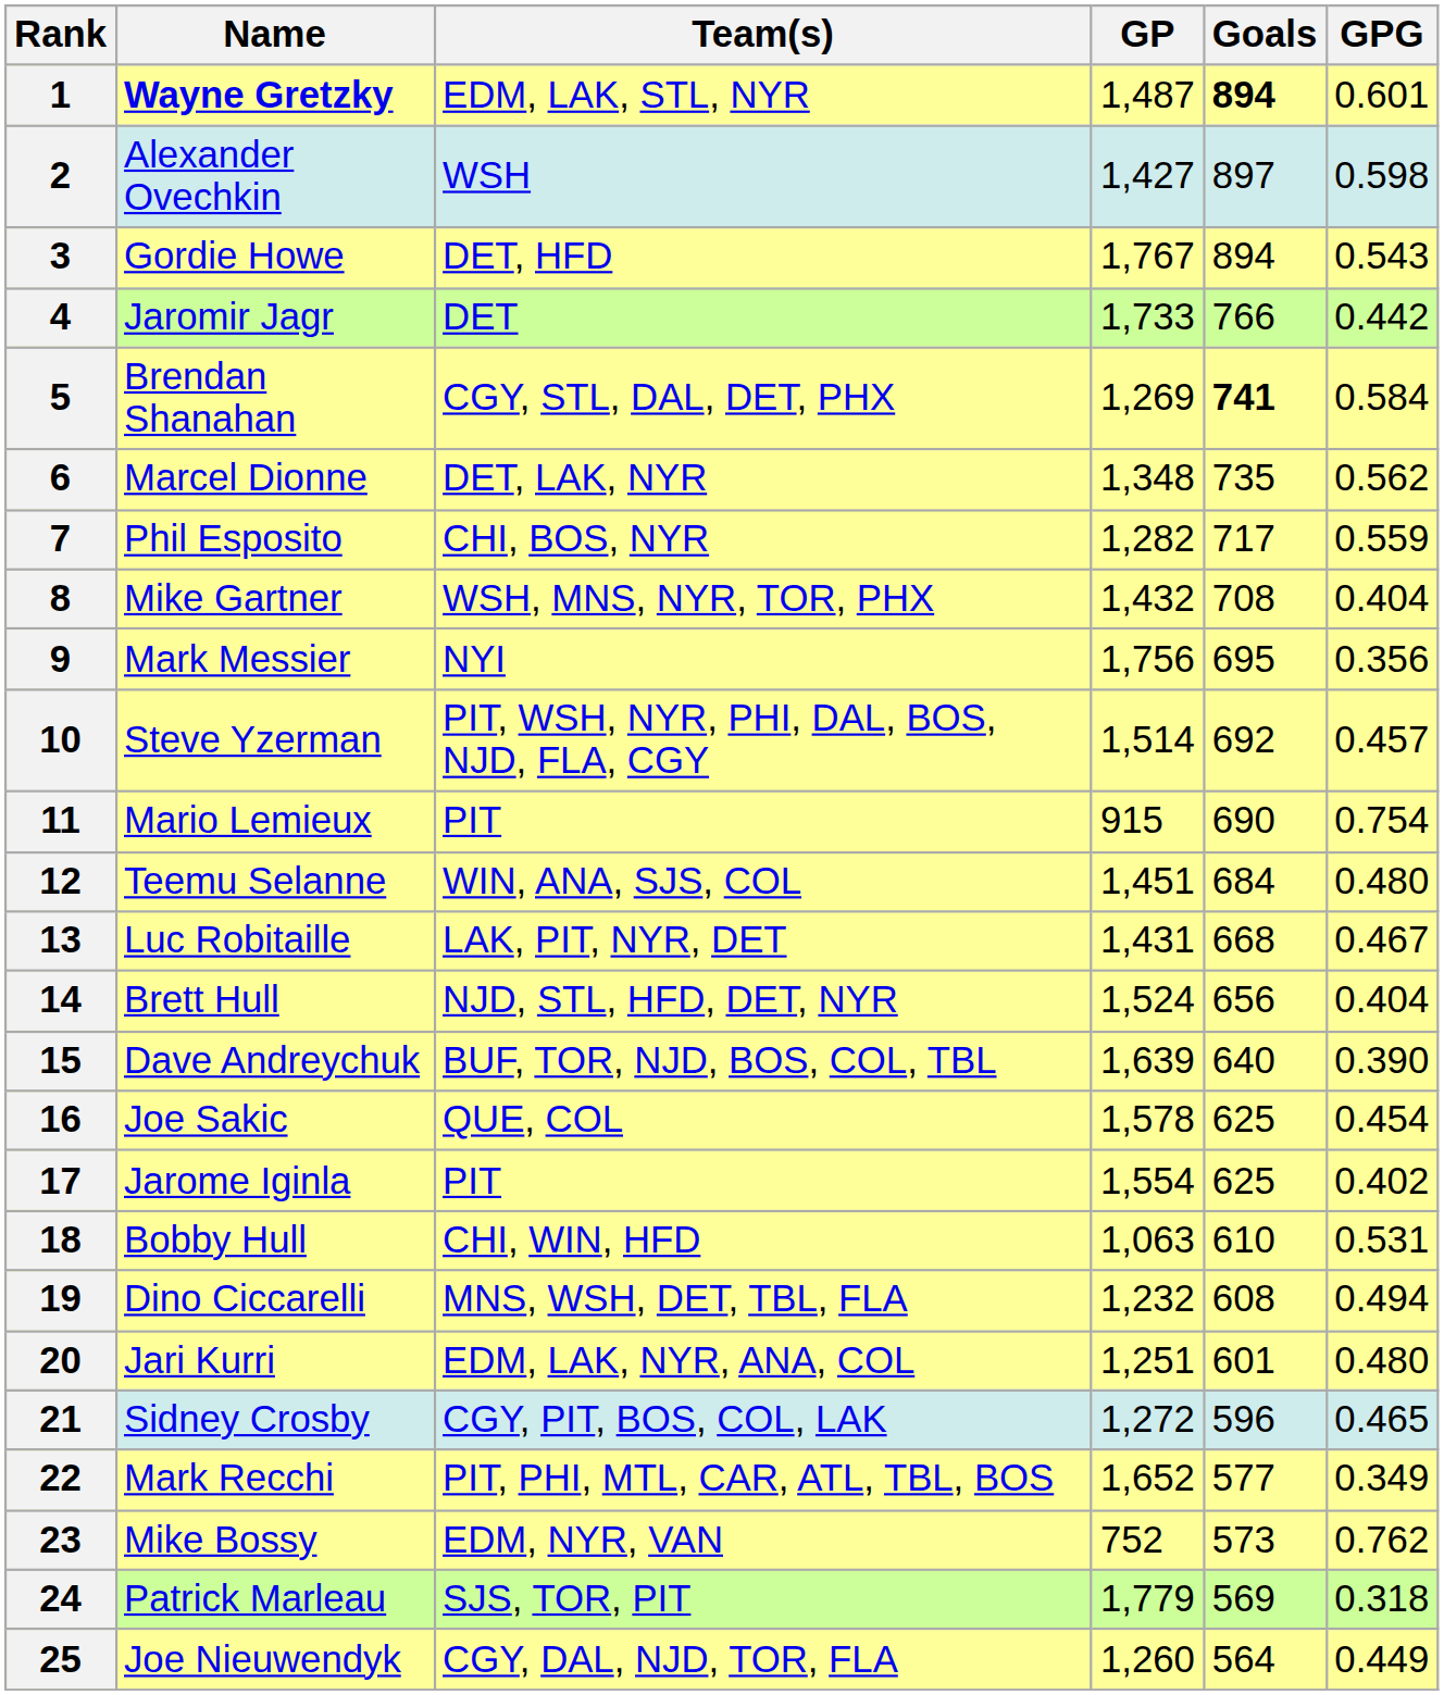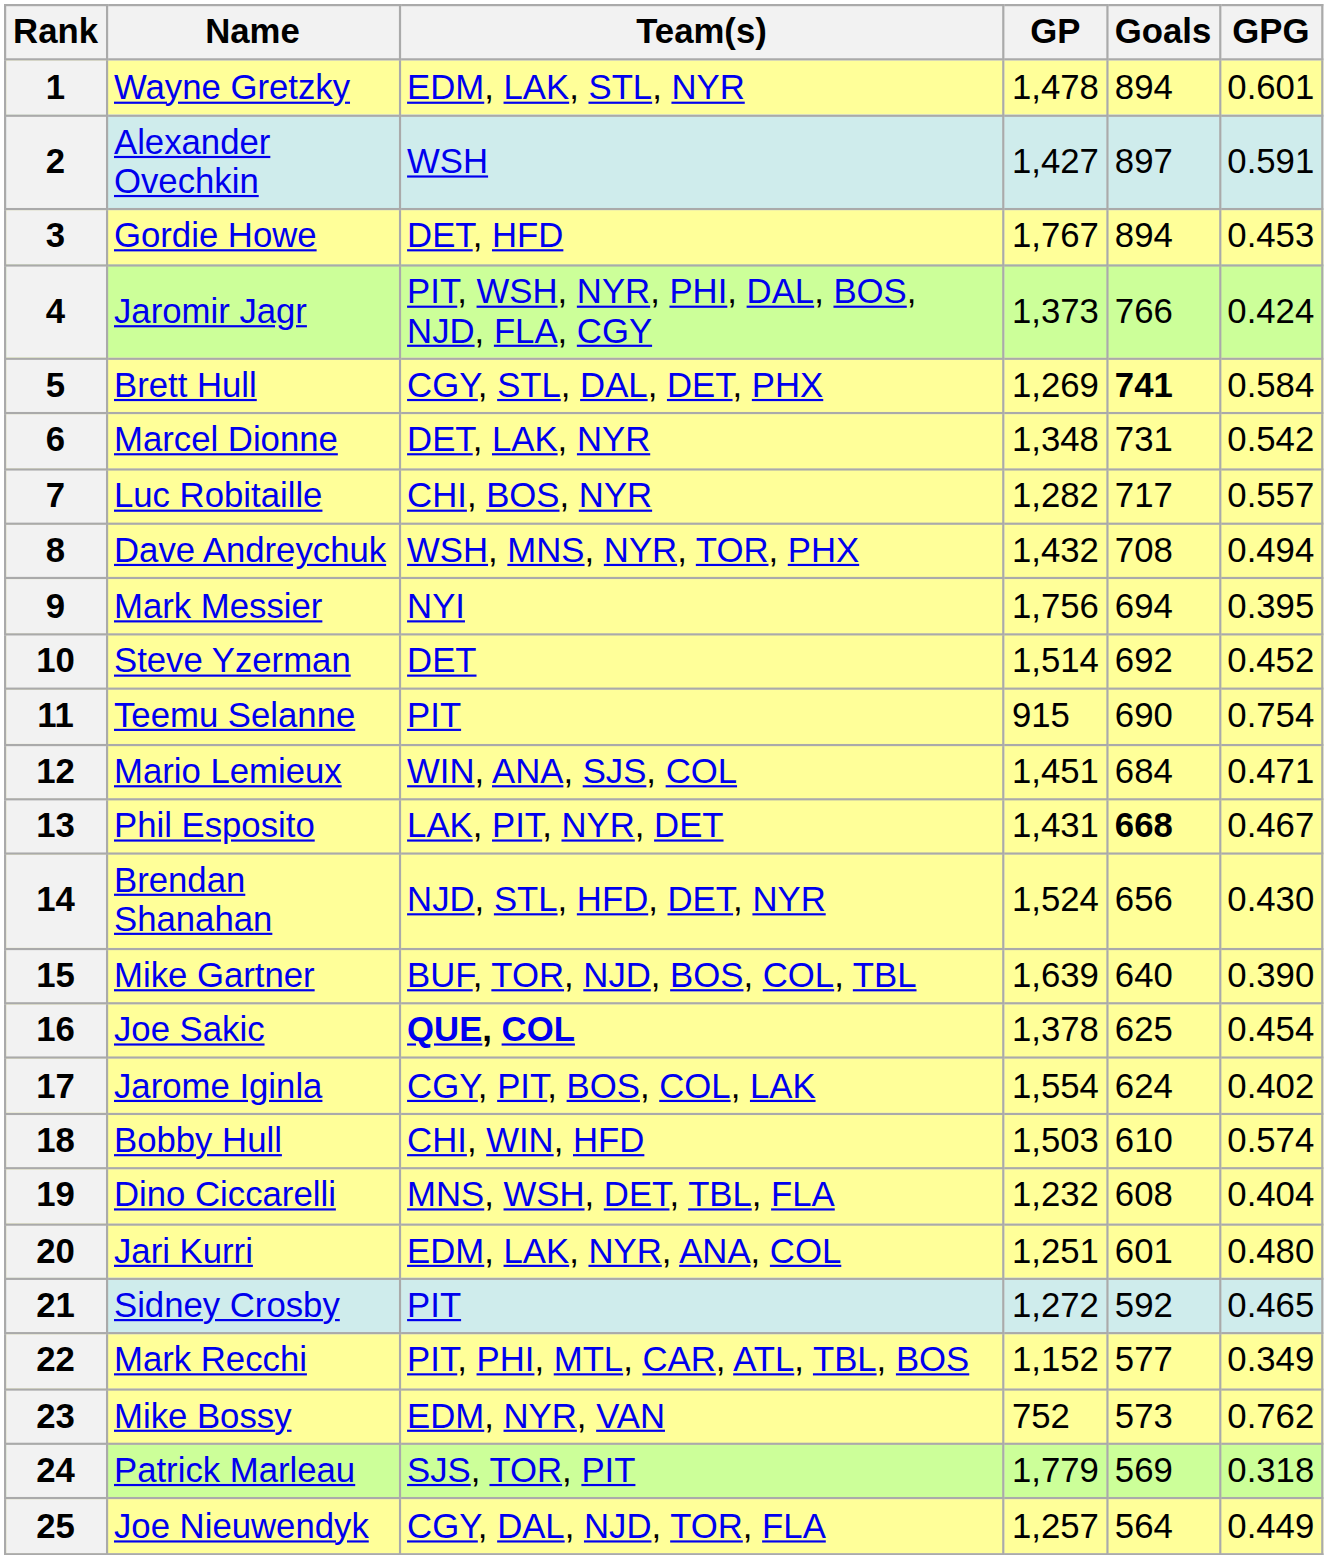 <table class="wikitable sortable" id="Table3">
 <tr style="background:#e0e0e0; text-align:center;">
 <th>Rank</th>
 <th class="unsortable">Name</th>
 <th class="unsortable">Team(s)</th>
 <th>GP</th>
 <th>Goals</th>
 <th>GPG</th>
 </tr>
 <tr style="background:#ffff99;">
 <th>1</th>
-<td><strong><a href='#'>Wayne Gretzky</a></strong></td>
+<td><a href='#'>Wayne Gretzky</a></td>
 <td><a href='#'>EDM</a>, <a href='#'>LAK</a>, <a href='#'>STL</a>, <a href='#'>NYR</a></td>
-<td>1,487</td>
-<td><strong>894</strong></td>
+<td>1,478</td>
+<td>894</td>
 <td>0.601</td>
 </tr>
 <tr style="background:#CFECEC;">
 <th>2</th>
 <td><a href='#'>Alexander Ovechkin</a></td>
 <td><a href='#'>WSH</a></td>
 <td>1,427</td>
 <td>897</td>
-<td>0.598</td>
+<td>0.591</td>
 </tr>
 <tr style="background:#ffff99;">
 <th>3</th>
 <td><a href='#'>Gordie Howe</a></td>
 <td><a href='#'>DET</a>, <a href='#'>HFD</a></td>
 <td>1,767</td>
 <td>894</td>
-<td>0.543</td>
+<td>0.453</td>
 </tr>
 <tr style="background:#CCFF99;">
 <th>4</th>
 <td><a href='#'>Jaromir Jagr</a></td>
-<td><a href='#'>DET</a></td>
-<td>1,733</td>
+<td><a href='#'>PIT</a>, <a href='#'>WSH</a>, <a href='#'>NYR</a>, <a href='#'>PHI</a>, <a href='#'>DAL</a>, <a href='#'>BOS</a>, <a href='#'>NJD</a>, <a href='#'>FLA</a>, <a href='#'>CGY</a></td>
+<td>1,373</td>
 <td>766</td>
-<td>0.442</td>
+<td>0.424</td>
 </tr>
 <tr style="background:#ffff99;">
 <th>5</th>
-<td><a href='#'>Brendan Shanahan</a></td>
+<td><a href='#'>Brett Hull</a></td>
 <td><a href='#'>CGY</a>, <a href='#'>STL</a>, <a href='#'>DAL</a>, <a href='#'>DET</a>, <a href='#'>PHX</a></td>
 <td>1,269</td>
 <td><strong>741</strong></td>
 <td>0.584</td>
 </tr>
 <tr style="background:#ffff99;">
 <th>6</th>
 <td><a href='#'>Marcel Dionne</a></td>
 <td><a href='#'>DET</a>, <a href='#'>LAK</a>, <a href='#'>NYR</a></td>
 <td>1,348</td>
-<td>735</td>
-<td>0.562</td>
+<td>731</td>
+<td>0.542</td>
 </tr>
 <tr style="background:#ffff99;">
 <th>7</th>
-<td><a href='#'>Phil Esposito</a></td>
+<td><a href='#'>Luc Robitaille</a></td>
 <td><a href='#'>CHI</a>, <a href='#'>BOS</a>, <a href='#'>NYR</a></td>
 <td>1,282</td>
 <td>717</td>
-<td>0.559</td>
+<td>0.557</td>
 </tr>
 <tr style="background:#ffff99;">
 <th>8</th>
-<td><a href='#'>Mike Gartner</a></td>
+<td><a href='#'>Dave Andreychuk</a></td>
 <td><a href='#'>WSH</a>, <a href='#'>MNS</a>, <a href='#'>NYR</a>, <a href='#'>TOR</a>, <a href='#'>PHX</a></td>
 <td>1,432</td>
 <td>708</td>
-<td>0.404</td>
+<td>0.494</td>
 </tr>
 <tr style="background:#ffff99;">
 <th>9</th>
 <td><a href='#'>Mark Messier</a></td>
 <td><a href='#'>NYI</a></td>
 <td>1,756</td>
-<td>695</td>
-<td>0.356</td>
+<td>694</td>
+<td>0.395</td>
 </tr>
 <tr style="background:#ffff99;">
 <th>10</th>
 <td><a href='#'>Steve Yzerman</a></td>
-<td><a href='#'>PIT</a>, <a href='#'>WSH</a>, <a href='#'>NYR</a>, <a href='#'>PHI</a>, <a href='#'>DAL</a>, <a href='#'>BOS</a>, <a href='#'>NJD</a>, <a href='#'>FLA</a>, <a href='#'>CGY</a></td>
+<td><a href='#'>DET</a></td>
 <td>1,514</td>
 <td>692</td>
-<td>0.457</td>
+<td>0.452</td>
 </tr>
 <tr style="background:#ffff99;">
 <th>11</th>
-<td><a href='#'>Mario Lemieux</a></td>
+<td><a href='#'>Teemu Selanne</a></td>
 <td><a href='#'>PIT</a></td>
 <td>915</td>
 <td>690</td>
 <td>0.754</td>
 </tr>
 <tr style="background:#ffff99;">
 <th>12</th>
-<td><a href='#'>Teemu Selanne</a></td>
+<td><a href='#'>Mario Lemieux</a></td>
 <td><a href='#'>WIN</a>, <a href='#'>ANA</a>, <a href='#'>SJS</a>, <a href='#'>COL</a></td>
 <td>1,451</td>
 <td>684</td>
-<td>0.480</td>
+<td>0.471</td>
 </tr>
 <tr style="background:#ffff99;">
 <th>13</th>
-<td><a href='#'>Luc Robitaille</a></td>
+<td><a href='#'>Phil Esposito</a></td>
 <td><a href='#'>LAK</a>, <a href='#'>PIT</a>, <a href='#'>NYR</a>, <a href='#'>DET</a></td>
 <td>1,431</td>
-<td>668</td>
+<td><strong>668</strong></td>
 <td>0.467</td>
 </tr>
 <tr style="background:#ffff99;">
 <th>14</th>
-<td><a href='#'>Brett Hull</a></td>
+<td><a href='#'>Brendan Shanahan</a></td>
 <td><a href='#'>NJD</a>, <a href='#'>STL</a>, <a href='#'>HFD</a>, <a href='#'>DET</a>, <a href='#'>NYR</a></td>
 <td>1,524</td>
 <td>656</td>
-<td>0.404</td>
+<td>0.430</td>
 </tr>
 <tr style="background:#ffff99;">
 <th>15</th>
-<td><a href='#'>Dave Andreychuk</a></td>
+<td><a href='#'>Mike Gartner</a></td>
 <td><a href='#'>BUF</a>, <a href='#'>TOR</a>, <a href='#'>NJD</a>, <a href='#'>BOS</a>, <a href='#'>COL</a>, <a href='#'>TBL</a></td>
 <td>1,639</td>
 <td>640</td>
 <td>0.390</td>
 </tr>
 <tr style="background:#ffff99;">
 <th>16</th>
 <td><a href='#'>Joe Sakic</a></td>
-<td><a href='#'>QUE</a>, <a href='#'>COL</a></td>
-<td>1,578</td>
+<td><strong><a href='#'>QUE</a>, <a href='#'>COL</a></strong></td>
+<td>1,378</td>
 <td>625</td>
 <td>0.454</td>
 </tr>
 <tr style="background:#ffff99;">
 <th>17</th>
 <td><a href='#'>Jarome Iginla</a></td>
-<td><a href='#'>PIT</a></td>
+<td><a href='#'>CGY</a>, <a href='#'>PIT</a>, <a href='#'>BOS</a>, <a href='#'>COL</a>, <a href='#'>LAK</a></td>
 <td>1,554</td>
-<td>625</td>
+<td>624</td>
 <td>0.402</td>
 </tr>
 <tr style="background:#ffff99;">
 <th>18</th>
 <td><a href='#'>Bobby Hull</a></td>
 <td><a href='#'>CHI</a>, <a href='#'>WIN</a>, <a href='#'>HFD</a></td>
-<td>1,063</td>
+<td>1,503</td>
 <td>610</td>
-<td>0.531</td>
+<td>0.574</td>
 </tr>
 <tr style="background:#ffff99;">
 <th>19</th>
 <td><a href='#'>Dino Ciccarelli</a></td>
 <td><a href='#'>MNS</a>, <a href='#'>WSH</a>, <a href='#'>DET</a>, <a href='#'>TBL</a>, <a href='#'>FLA</a></td>
 <td>1,232</td>
 <td>608</td>
-<td>0.494</td>
+<td>0.404</td>
 </tr>
 <tr style="background:#ffff99;">
 <th>20</th>
 <td><a href='#'>Jari Kurri</a></td>
 <td><a href='#'>EDM</a>, <a href='#'>LAK</a>, <a href='#'>NYR</a>, <a href='#'>ANA</a>, <a href='#'>COL</a></td>
 <td>1,251</td>
 <td>601</td>
 <td>0.480</td>
 </tr>
 <tr style="background:#CFECEC;">
 <th>21</th>
 <td><a href='#'>Sidney Crosby</a></td>
-<td><a href='#'>CGY</a>, <a href='#'>PIT</a>, <a href='#'>BOS</a>, <a href='#'>COL</a>, <a href='#'>LAK</a></td>
+<td><a href='#'>PIT</a></td>
 <td>1,272</td>
-<td>596</td>
+<td>592</td>
 <td>0.465</td>
 </tr>
 <tr style="background:#ffff99;">
 <th>22</th>
 <td><a href='#'>Mark Recchi</a></td>
 <td><a href='#'>PIT</a>, <a href='#'>PHI</a>, <a href='#'>MTL</a>, <a href='#'>CAR</a>, <a href='#'>ATL</a>, <a href='#'>TBL</a>, <a href='#'>BOS</a></td>
-<td>1,652</td>
+<td>1,152</td>
 <td>577</td>
 <td>0.349</td>
 </tr>
 <tr style="background:#ffff99;">
 <th>23</th>
 <td><a href='#'>Mike Bossy</a></td>
 <td><a href='#'>EDM</a>, <a href='#'>NYR</a>, <a href='#'>VAN</a></td>
 <td>752</td>
 <td>573</td>
 <td>0.762</td>
 </tr>
 <tr style="background:#CCFF99;">
 <th>24</th>
 <td><a href='#'>Patrick Marleau</a></td>
 <td><a href='#'>SJS</a>, <a href='#'>TOR</a>, <a href='#'>PIT</a></td>
 <td>1,779</td>
 <td>569</td>
 <td>0.318</td>
 </tr>
 <tr style="background:#ffff99;">
 <th>25</th>
 <td><a href='#'>Joe Nieuwendyk</a></td>
 <td><a href='#'>CGY</a>, <a href='#'>DAL</a>, <a href='#'>NJD</a>, <a href='#'>TOR</a>, <a href='#'>FLA</a></td>
-<td>1,260</td>
+<td>1,257</td>
 <td>564</td>
 <td>0.449</td>
 </tr>
 <tr style="background:#ffff99;">
 </tr>
 </table>
